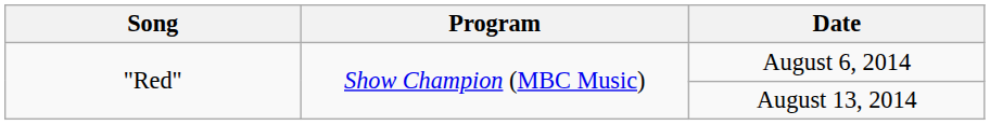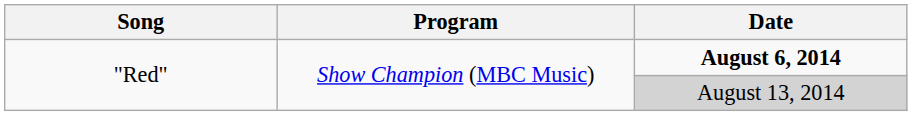 <table class="wikitable" style="text-align:center; width:650px;">
 <tr>
 <th style="width:150px;">Song</th>
 <th style="width:200px;">Program</th>
 <th style="width:150px;">Date</th>
 </tr>
 <tr>
 <td rowspan="2">"Red"</td>
 <td rowspan="2"><em><a href='#'>Show Champion</a></em> (<a href='#'>MBC Music</a>)</td>
-<td>August 6, 2014</td>
+<td><strong>August 6, 2014</strong></td>
 </tr>
 <tr>
-<td>August 13, 2014</td>
+<td style="background: lightgrey;">August 13, 2014</td>
 </tr>
 </table>
